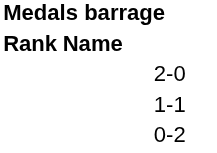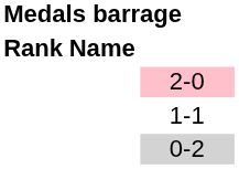 <table style="text-align:center">
 <tr>
 <td colspan=3 align=left><strong>Medals barrage</strong></td>
 </tr>
 <tr>
 <th>Rank</th>
 <th align=left>Name</th>
 </tr>
 <tr>
 <td></td>
 <td align=left></td>
-<td width=60>2-0</td>
+<td width=60 style="background: pink;">2-0</td>
 </tr>
 <tr>
 <td></td>
 <td align=left></td>
 <td>1-1</td>
 </tr>
 <tr>
 <td></td>
 <td align=left></td>
-<td>0-2</td>
+<td style="background: lightgrey;">0-2</td>
 </tr>
 </table>
